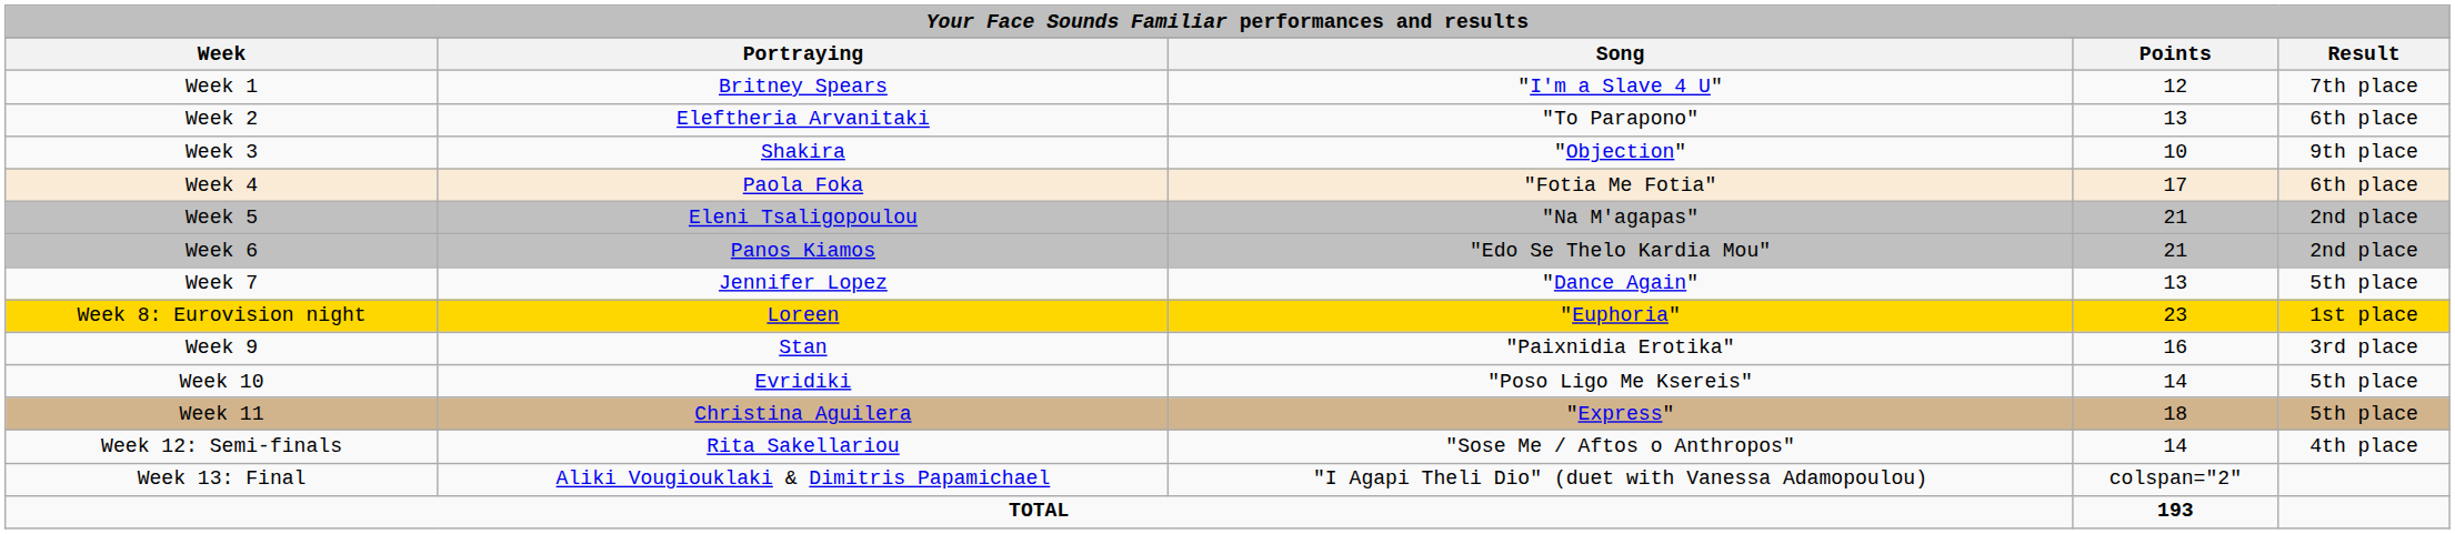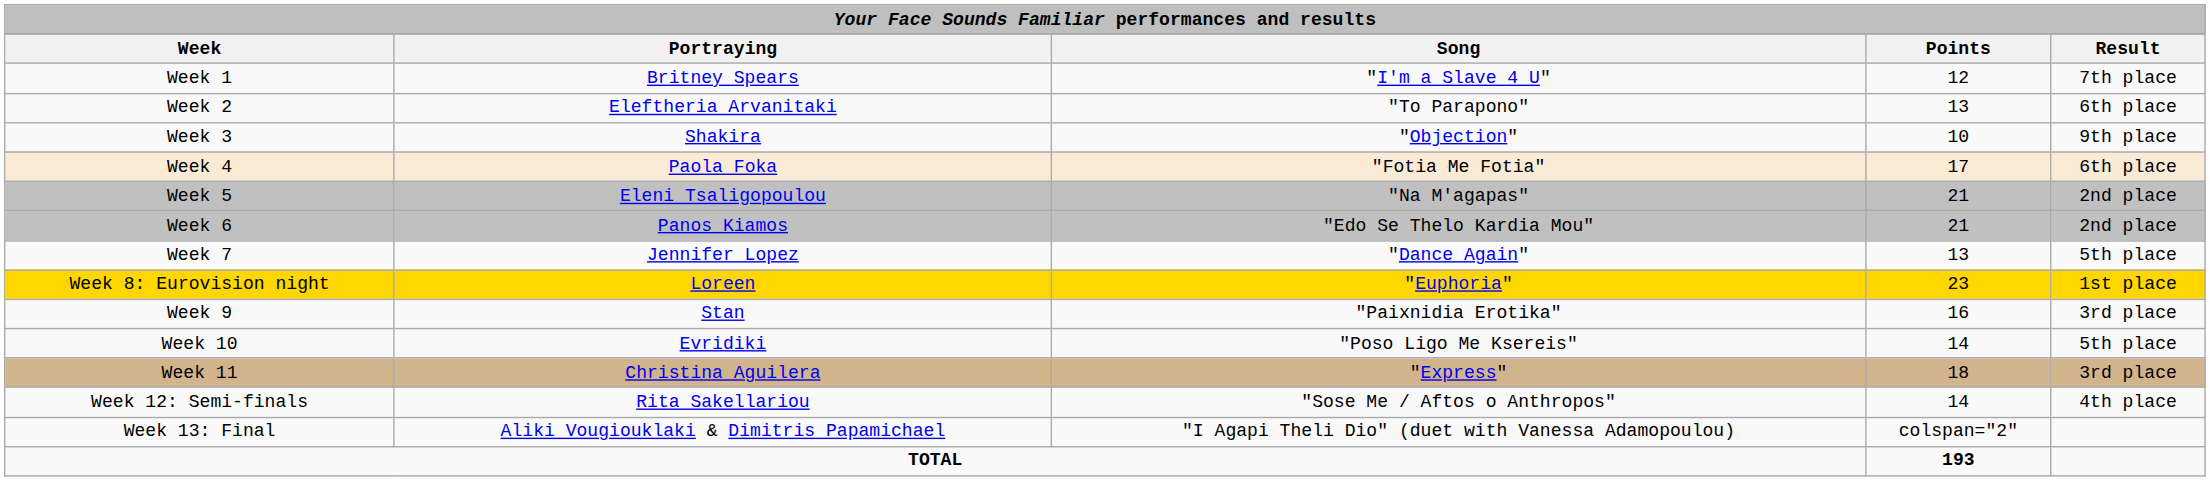 <table class="wikitable collapsible collapsed" style="width:100%; margin:1em auto 1em auto; text-align:center;">
 <tr>
 <th colspan="5" style="background:#BFBFBF;"><em>Your Face Sounds Familiar</em> performances and results</th>
 </tr>
 <tr>
 </tr>
 <tr>
 <th>Week</th>
 <th>Portraying</th>
 <th>Song</th>
 <th>Points</th>
 <th>Result</th>
 </tr>
 <tr>
 <td>Week 1</td>
 <td><a href='#'>Britney Spears</a></td>
 <td>"<a href='#'>I'm a Slave 4 U</a>"</td>
 <td>12</td>
 <td>7th place</td>
 </tr>
 <tr>
 <td>Week 2</td>
 <td><a href='#'>Eleftheria Arvanitaki</a></td>
 <td>"To Parapono"</td>
 <td>13</td>
 <td>6th place</td>
 </tr>
 <tr>
 <td>Week 3</td>
 <td><a href='#'>Shakira</a></td>
 <td>"<a href='#'>Objection</a>"</td>
 <td>10</td>
 <td>9th place</td>
 </tr>
 <tr bgcolor=antiquewhite>
 <td>Week 4</td>
 <td><a href='#'>Paola Foka</a></td>
 <td>"Fotia Me Fotia"</td>
 <td>17</td>
 <td>6th place</td>
 </tr>
 <tr bgcolor=silver>
 <td>Week 5</td>
 <td><a href='#'>Eleni Tsaligopoulou</a></td>
 <td>"Na M'agapas"</td>
 <td>21</td>
 <td>2nd place</td>
 </tr>
 <tr bgcolor=silver>
 <td>Week 6</td>
 <td><a href='#'>Panos Kiamos</a></td>
 <td>"Edo Se Thelo Kardia Mou"</td>
 <td>21</td>
 <td>2nd place</td>
 </tr>
 <tr>
 <td>Week 7</td>
 <td><a href='#'>Jennifer Lopez</a></td>
 <td>"<a href='#'>Dance Again</a>"</td>
 <td>13</td>
 <td>5th place</td>
 </tr>
 <tr bgcolor=gold>
 <td>Week 8: Eurovision night</td>
 <td><a href='#'>Loreen</a></td>
 <td>"<a href='#'>Euphoria</a>"</td>
 <td>23</td>
 <td>1st place</td>
 </tr>
 <tr>
 <td>Week 9</td>
 <td><a href='#'>Stan</a></td>
 <td>"Paixnidia Erotika"</td>
 <td>16</td>
 <td>3rd place</td>
 </tr>
 <tr>
 <td>Week 10</td>
 <td><a href='#'>Evridiki</a></td>
 <td>"Poso Ligo Me Ksereis"</td>
 <td>14</td>
 <td>5th place</td>
 </tr>
 <tr bgcolor=tan>
 <td>Week 11</td>
 <td><a href='#'>Christina Aguilera</a></td>
 <td>"<a href='#'>Express</a>"</td>
 <td>18</td>
-<td>5th place</td>
+<td>3rd place</td>
 </tr>
 <tr>
 <td>Week 12: Semi-finals</td>
 <td><a href='#'>Rita Sakellariou</a></td>
 <td>"Sose Me / Aftos o Anthropos"</td>
 <td>14</td>
 <td>4th place</td>
 </tr>
 <tr>
 <td>Week 13: Final</td>
 <td><a href='#'>Aliki Vougiouklaki</a> & <a href='#'>Dimitris Papamichael</a></td>
 <td>"I Agapi Theli Dio" (duet with Vanessa Adamopoulou)</td>
 <td>colspan="2" </td>
 </tr>
 <tr>
 <td colspan="3" style="text-align:center;"><strong>TOTAL</strong></td>
 <td><strong>193</strong></td>
 <td></td>
 </tr>
 </table>
